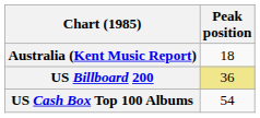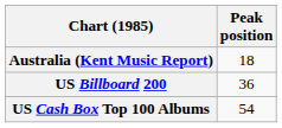 <table class="wikitable sortable plainrowheaders" style="text-align:center">
 <tr>
 <th>Chart (1985)</th>
 <th>Peak<br>position</th>
 </tr>
 <tr>
 <th scope="row">Australia (<a href='#'>Kent Music Report</a>)</th>
 <td style="text-align:center;">18</td>
 </tr>
 <tr>
 <th scope="row">US <em><a href='#'>Billboard</a></em> <a href='#'>200</a></th>
-<td align="center" style="background: khaki;">36</td>
+<td align="center">36</td>
 </tr>
 <tr>
 <th scope="row">US <em><a href='#'>Cash Box</a></em> Top 100 Albums</th>
 <td align="center">54</td>
 </tr>
 </table>
